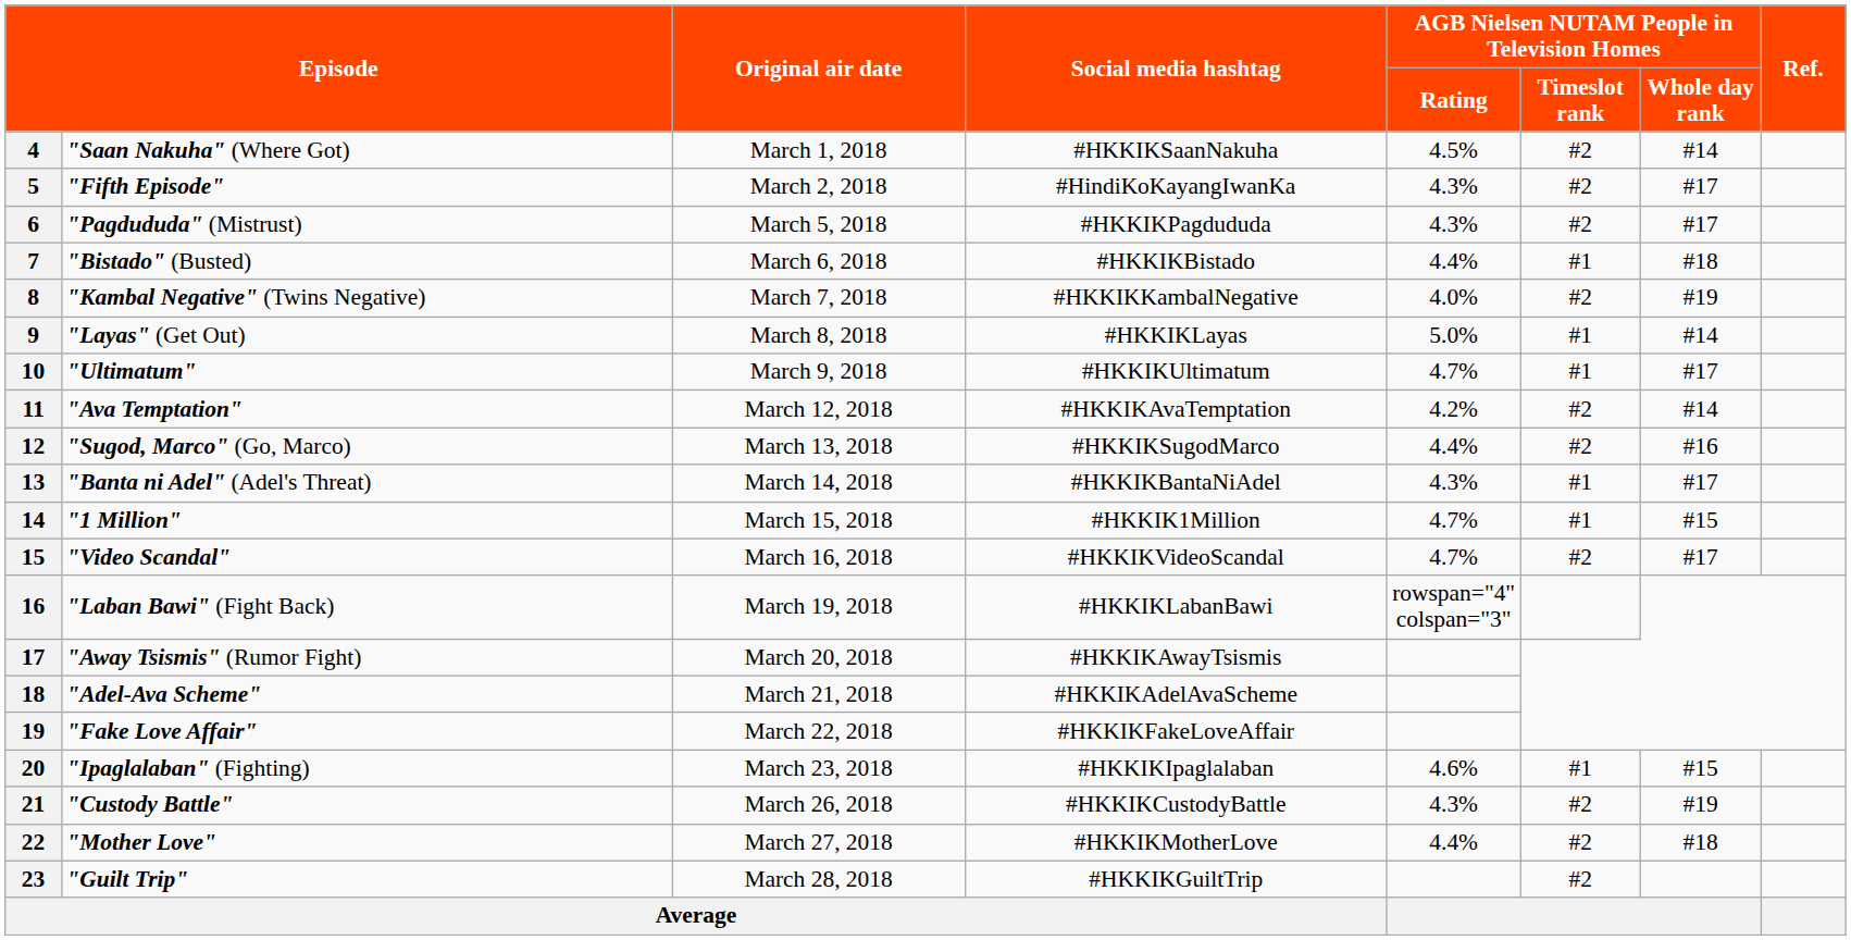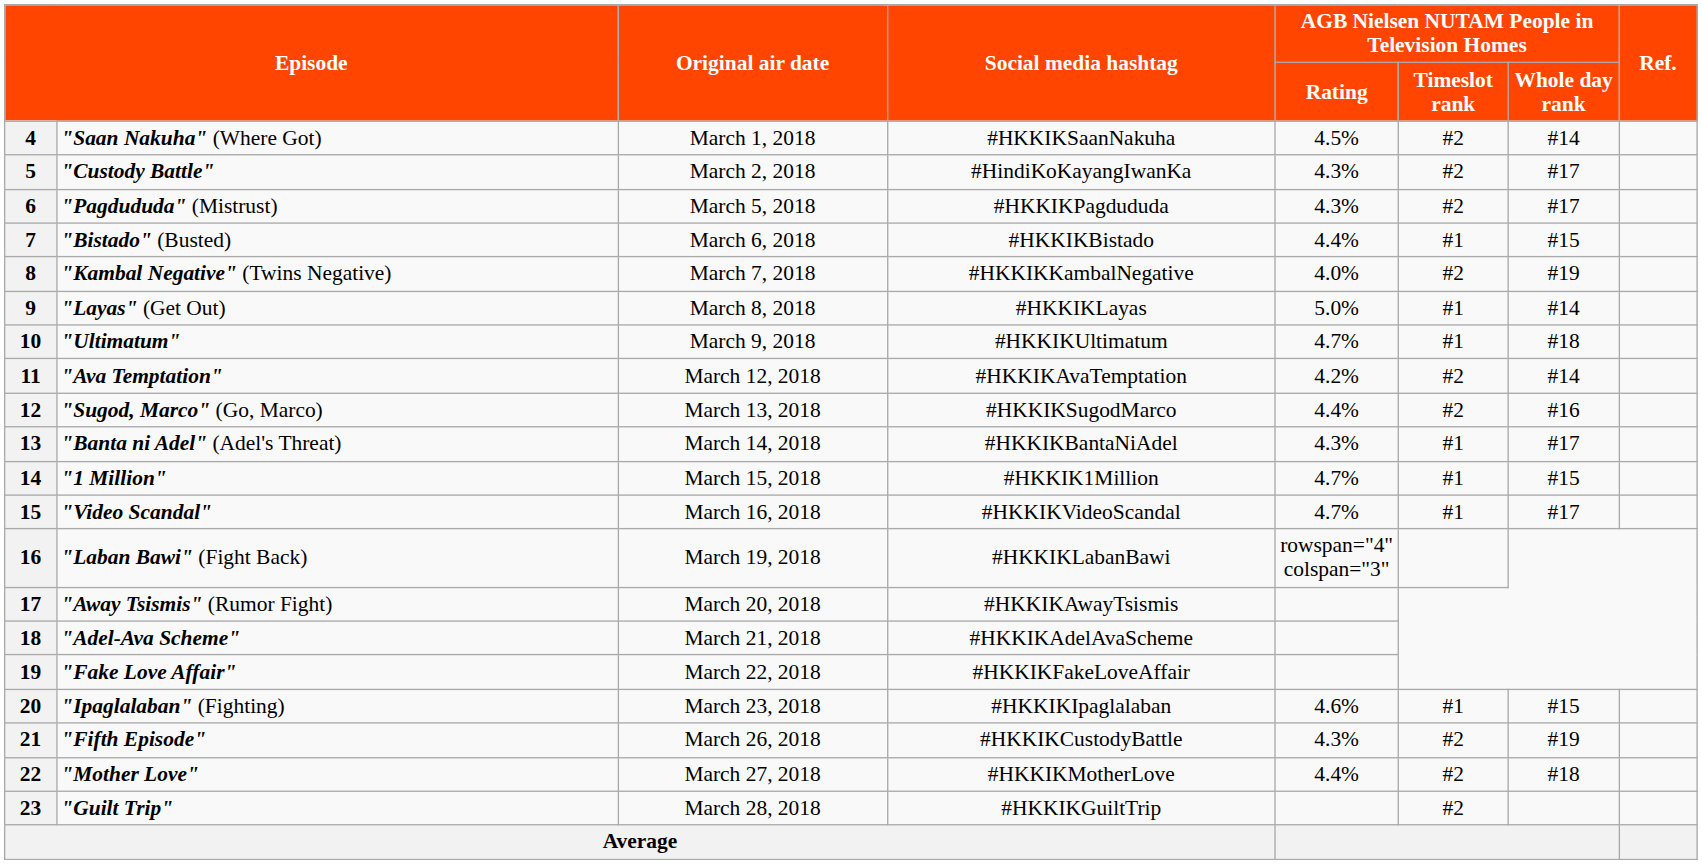 <table class="wikitable" style="text-align:center; font-size:100%; line-height:18px;" width="100%">
 <tr>
 <th style="background-color:#FF4500; color:#ffffff;" colspan="2" rowspan="2">Episode</th>
 <th style="background-color:#FF4500; color:white" rowspan="2">Original air date</th>
 <th style="background-color:#FF4500; color:white" rowspan="2">Social media hashtag</th>
 <th style="background-color:#FF4500; color:#ffffff;" colspan="3">AGB Nielsen NUTAM People in Television Homes</th>
 <th style="background-color:#FF4500; color:#ffffff;" rowspan="2">Ref.</th>
 </tr>
 <tr>
 <th style="background-color:#FF4500; width:75px; color:#ffffff;">Rating</th>
 <th style="background-color:#FF4500; width:75px; color:#ffffff;">Timeslot<br>rank</th>
 <th style="background-color:#FF4500; width:75px; color:#ffffff;">Whole day<br>rank</th>
 </tr>
 <tr>
 <th>4</th>
 <td style="text-align: left;"><strong><em>"Saan Nakuha"</em></strong> (Where Got)</td>
 <td>March 1, 2018</td>
 <td>#HKKIKSaanNakuha</td>
 <td>4.5%</td>
 <td>#2</td>
 <td>#14</td>
 <td></td>
 </tr>
 <tr>
 <th>5</th>
-<td style="text-align: left;"><strong><em>"Fifth Episode"</em></strong></td>
+<td style="text-align: left;"><strong><em>"Custody Battle"</em></strong></td>
 <td>March 2, 2018</td>
 <td>#HindiKoKayangIwanKa</td>
 <td>4.3%</td>
 <td>#2</td>
 <td>#17</td>
 <td></td>
 </tr>
 <tr>
 <th>6</th>
 <td style="text-align: left;"><strong><em>"Pagdududa"</em></strong> (Mistrust)</td>
 <td>March 5, 2018</td>
 <td>#HKKIKPagdududa</td>
 <td>4.3%</td>
 <td>#2</td>
 <td>#17</td>
 <td></td>
 </tr>
 <tr>
 <th>7</th>
 <td style="text-align: left;"><strong><em>"Bistado"</em></strong> (Busted)</td>
 <td>March 6, 2018</td>
 <td>#HKKIKBistado</td>
 <td>4.4%</td>
 <td>#1</td>
-<td>#18</td>
+<td>#15</td>
 <td></td>
 </tr>
 <tr>
 <th>8</th>
 <td style="text-align: left;"><strong><em>"Kambal Negative"</em></strong> (Twins Negative)</td>
 <td>March 7, 2018</td>
 <td>#HKKIKKambalNegative</td>
 <td>4.0%</td>
 <td>#2</td>
 <td>#19</td>
 <td></td>
 </tr>
 <tr>
 <th>9</th>
 <td style="text-align: left;"><strong><em>"Layas"</em></strong> (Get Out)</td>
 <td>March 8, 2018</td>
 <td>#HKKIKLayas</td>
 <td>5.0%</td>
 <td>#1</td>
 <td>#14</td>
 <td></td>
 </tr>
 <tr>
 <th>10</th>
 <td style="text-align: left;"><strong><em>"Ultimatum"</em></strong></td>
 <td>March 9, 2018</td>
 <td>#HKKIKUltimatum</td>
 <td>4.7%</td>
 <td>#1</td>
-<td>#17</td>
+<td>#18</td>
 <td></td>
 </tr>
 <tr>
 <th>11</th>
 <td style="text-align: left;"><strong><em>"Ava Temptation"</em></strong></td>
 <td>March 12, 2018</td>
 <td>#HKKIKAvaTemptation</td>
 <td>4.2%</td>
 <td>#2</td>
 <td>#14</td>
 <td></td>
 </tr>
 <tr>
 <th>12</th>
 <td style="text-align: left;"><strong><em>"Sugod, Marco"</em></strong> (Go, Marco)</td>
 <td>March 13, 2018</td>
 <td>#HKKIKSugodMarco</td>
 <td>4.4%</td>
 <td>#2</td>
 <td>#16</td>
 <td></td>
 </tr>
 <tr>
 <th>13</th>
 <td style="text-align: left;"><strong><em>"Banta ni Adel"</em></strong> (Adel's Threat)</td>
 <td>March 14, 2018</td>
 <td>#HKKIKBantaNiAdel</td>
 <td>4.3%</td>
 <td>#1</td>
 <td>#17</td>
 <td></td>
 </tr>
 <tr>
 <th>14</th>
 <td style="text-align: left;"><strong><em>"1 Million"</em></strong></td>
 <td>March 15, 2018</td>
 <td>#HKKIK1Million</td>
 <td>4.7%</td>
 <td>#1</td>
 <td>#15</td>
 <td></td>
 </tr>
 <tr>
 <th>15</th>
 <td style="text-align: left;"><strong><em>"Video Scandal"</em></strong></td>
 <td>March 16, 2018</td>
 <td>#HKKIKVideoScandal</td>
 <td>4.7%</td>
-<td>#2</td>
+<td>#1</td>
 <td>#17</td>
 <td></td>
 </tr>
 <tr>
 <th>16</th>
 <td style="text-align: left;"><strong><em>"Laban Bawi"</em></strong> (Fight Back)</td>
 <td>March 19, 2018</td>
 <td>#HKKIKLabanBawi</td>
 <td>rowspan="4" colspan="3" </td>
 <td></td>
 </tr>
 <tr>
 <th>17</th>
 <td style="text-align: left;"><strong><em>"Away Tsismis"</em></strong> (Rumor Fight)</td>
 <td>March 20, 2018</td>
 <td>#HKKIKAwayTsismis</td>
 <td></td>
 </tr>
 <tr>
 <th>18</th>
 <td style="text-align: left;"><strong><em>"Adel-Ava Scheme"</em></strong></td>
 <td>March 21, 2018</td>
 <td>#HKKIKAdelAvaScheme</td>
 <td></td>
 </tr>
 <tr>
 <th>19</th>
 <td style="text-align: left;"><strong><em>"Fake Love Affair"</em></strong></td>
 <td>March 22, 2018</td>
 <td>#HKKIKFakeLoveAffair</td>
 <td></td>
 </tr>
 <tr>
 <th>20</th>
 <td style="text-align: left;"><strong><em>"Ipaglalaban"</em></strong> (Fighting)</td>
 <td>March 23, 2018</td>
 <td>#HKKIKIpaglalaban</td>
 <td>4.6%</td>
 <td>#1</td>
 <td>#15</td>
 <td></td>
 </tr>
 <tr>
 <th>21</th>
-<td style="text-align: left;"><strong><em>"Custody Battle"</em></strong></td>
+<td style="text-align: left;"><strong><em>"Fifth Episode"</em></strong></td>
 <td>March 26, 2018</td>
 <td>#HKKIKCustodyBattle</td>
 <td>4.3%</td>
 <td>#2</td>
 <td>#19</td>
 <td></td>
 </tr>
 <tr>
 <th>22</th>
 <td style="text-align: left;"><strong><em>"Mother Love"</em></strong></td>
 <td>March 27, 2018</td>
 <td>#HKKIKMotherLove</td>
 <td>4.4%</td>
 <td>#2</td>
 <td>#18</td>
 <td></td>
 </tr>
 <tr>
 <th>23</th>
 <td style="text-align: left;"><strong><em>"Guilt Trip"</em></strong></td>
 <td>March 28, 2018</td>
 <td>#HKKIKGuiltTrip</td>
 <td></td>
 <td>#2</td>
 <td></td>
 <td></td>
 </tr>
 <tr>
 <th colspan="4">Average</th>
 <th colspan="3"></th>
 <th></th>
 </tr>
 <tr>
 </tr>
 </table>
